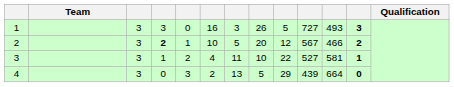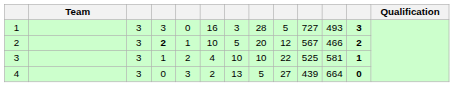 <table class=wikitable style="text-align:center" width=730>
 <tr>
 <th width=5.5%></th>
 <th width=22%>Team</th>
 <th width=5.5%></th>
 <th width=5.5%></th>
 <th width=5.5%></th>
 <th width=5.5%></th>
 <th width=5.5%></th>
 <th width=5.5%></th>
 <th width=5.5%></th>
 <th width=5.5%></th>
 <th width=5.5%></th>
 <th width=5.5%></th>
 <th width=18%>Qualification</th>
 </tr>
 <tr bgcolor=ccffcc>
 <td>1</td>
 <td style="text-align:left"></td>
 <td>3</td>
 <td>3</td>
 <td>0</td>
 <td>16</td>
 <td>3</td>
-<td>26</td>
+<td>28</td>
 <td>5</td>
 <td>727</td>
 <td>493</td>
 <td><strong>3</strong></td>
 <td rowspan=4></td>
 </tr>
 <tr bgcolor=ccffcc>
 <td>2</td>
 <td style="text-align:left"></td>
 <td>3</td>
 <td><strong>2</strong></td>
 <td>1</td>
 <td>10</td>
 <td>5</td>
 <td>20</td>
 <td>12</td>
 <td>567</td>
 <td>466</td>
 <td><strong>2</strong></td>
 </tr>
 <tr bgcolor=ccffcc>
 <td>3</td>
 <td style="text-align:left"></td>
 <td>3</td>
 <td>1</td>
 <td>2</td>
 <td>4</td>
-<td>11</td>
+<td>10</td>
 <td>10</td>
 <td>22</td>
-<td>527</td>
+<td>525</td>
 <td>581</td>
 <td><strong>1</strong></td>
 </tr>
 <tr bgcolor=ccffcc>
 <td>4</td>
 <td style="text-align:left"></td>
 <td>3</td>
 <td>0</td>
 <td>3</td>
 <td>2</td>
 <td>13</td>
 <td>5</td>
-<td>29</td>
+<td>27</td>
 <td>439</td>
 <td>664</td>
 <td><strong>0</strong></td>
 </tr>
 </table>
